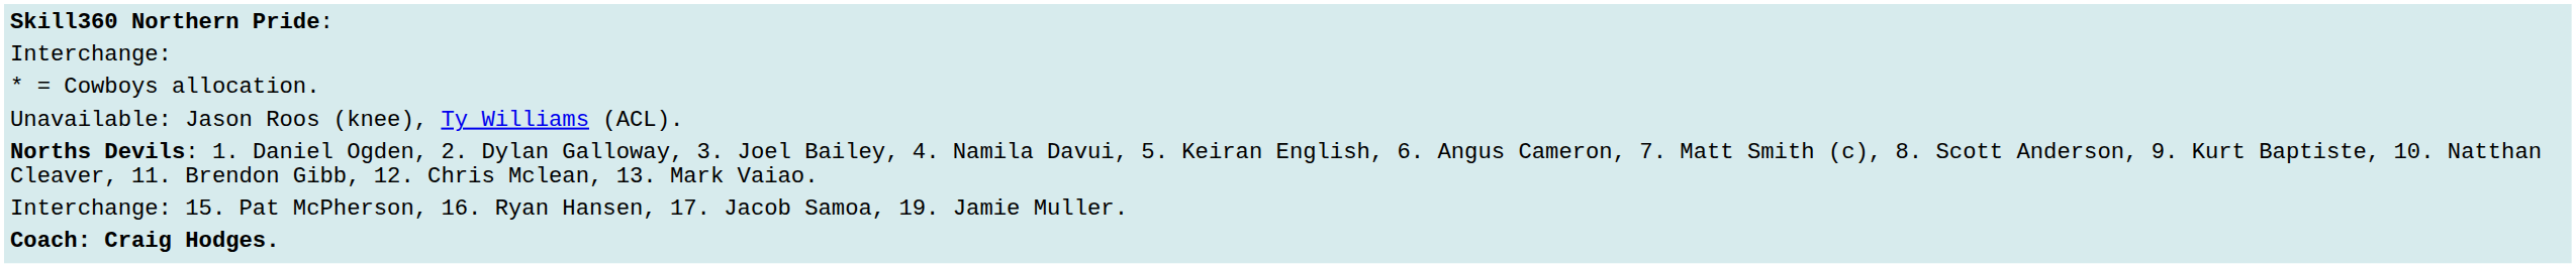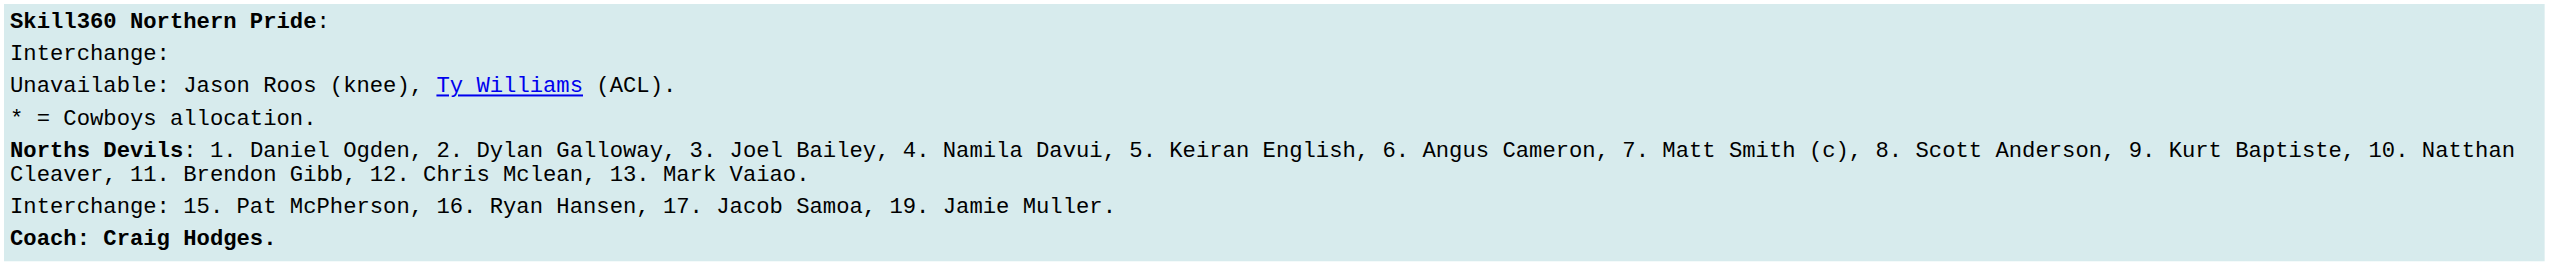 <table style="background:#d7ebed; font-size:85%; width:100%;">
 <tr>
 <td><strong>Skill360 Northern Pride</strong>:             </td>
 </tr>
 <tr>
 <td>Interchange:    </td>
 </tr>
 <tr>
-<td>* = Cowboys allocation.</td>
+<td>Unavailable: Jason Roos (knee), <a href='#'>Ty Williams</a> (ACL).</td>
 </tr>
 <tr>
-<td>Unavailable: Jason Roos (knee), <a href='#'>Ty Williams</a> (ACL).</td>
+<td>* = Cowboys allocation.</td>
 </tr>
 <tr>
 <td><strong>Norths Devils</strong>: 1. Daniel Ogden, 2. Dylan Galloway, 3. Joel Bailey, 4. Namila Davui, 5. Keiran English, 6. Angus Cameron, 7. Matt Smith (c), 8. Scott Anderson, 9. Kurt Baptiste, 10. Natthan Cleaver, 11. Brendon Gibb, 12. Chris Mclean, 13. Mark Vaiao.</td>
 </tr>
 <tr>
 <td>Interchange: 15. Pat McPherson, 16. Ryan Hansen, 17. Jacob Samoa, 19. Jamie Muller.</td>
 </tr>
 <tr>
 <td><strong>Coach: Craig Hodges.</strong></td>
 </tr>
 <tr>
 </tr>
 </table>
